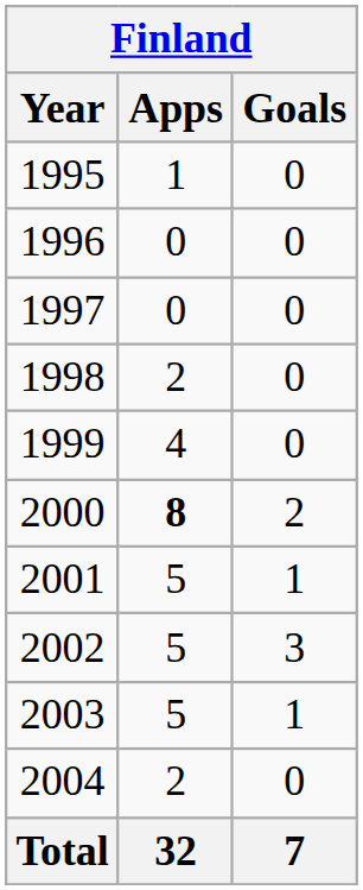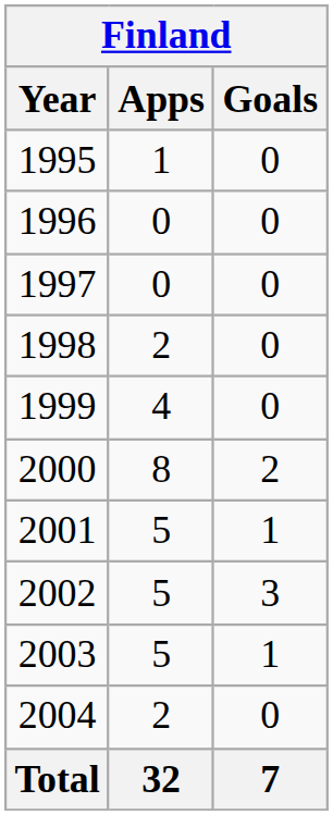 <table class=wikitable style=text-align:center>
 <tr>
 <th colspan=4><a href='#'>Finland</a></th>
 </tr>
 <tr>
 <th>Year</th>
 <th>Apps</th>
 <th>Goals</th>
 </tr>
 <tr>
 <td>1995</td>
 <td>1</td>
 <td>0</td>
 </tr>
 <tr>
 <td>1996</td>
 <td>0</td>
 <td>0</td>
 </tr>
 <tr>
 <td>1997</td>
 <td>0</td>
 <td>0</td>
 </tr>
 <tr>
 <td>1998</td>
 <td>2</td>
 <td>0</td>
 </tr>
 <tr>
 <td>1999</td>
 <td>4</td>
 <td>0</td>
 </tr>
 <tr>
 <td>2000</td>
-<td><strong>8</strong></td>
+<td>8</td>
 <td>2</td>
 </tr>
 <tr>
 <td>2001</td>
 <td>5</td>
 <td>1</td>
 </tr>
 <tr>
 <td>2002</td>
 <td>5</td>
 <td>3</td>
 </tr>
 <tr>
 <td>2003</td>
 <td>5</td>
 <td>1</td>
 </tr>
 <tr>
 <td>2004</td>
 <td>2</td>
 <td>0</td>
 </tr>
 <tr>
 <th colspan=1>Total</th>
 <th>32</th>
 <th>7</th>
 </tr>
 </table>
